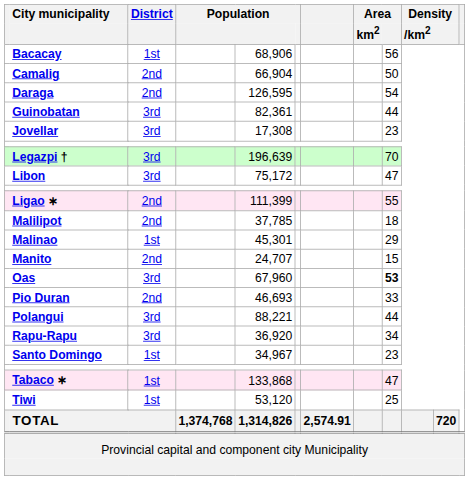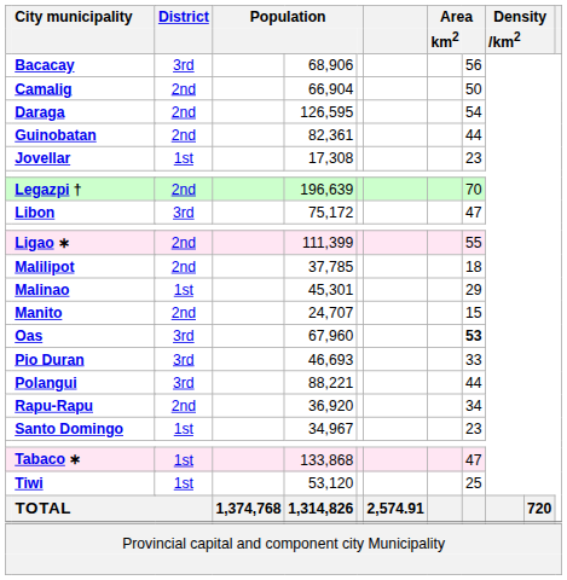 <table class="wikitable sortable" style="table-layout:fixed;text-align:right;background-color:white;font-size:95%;border-collapse:collapse;margin:auto;">
 <tr style="vertical-align:top;white-space:nowrap;">
 <th scope="col" style="border-width:thin 0 0 thin;" class="unsortable" rowspan="2"></th>
 <th scope="col" style="border-width:thin 0 0 0;text-align:left;padding-right:1.5em;" class="unsortable" colspan="2">City  municipality</th>
 <th scope="col" style="border-bottom:none;" class="unsortable"><a href='#'>District</a></th>
 <th scope="col" style="border-bottom:0;text-align:center;" class="unsortable" colspan="3">Population</th>
 <th scope="col" style="border-bottom:0;text-align:center;" class="unsortable"></th>
 <th scope="col" style="border-bottom:0;text-align:center;" class="unsortable" colspan="2">Area</th>
 <th scope="col" style="border-bottom:0;text-align:center;" class="unsortable" colspan="2">Density</th>
 <th scope="col" style="border-bottom:0;text-align:center;" class="unsortable"></th>
 </tr>
 <tr>
 <th style="border-width:0 thin thin 0;" colspan="2"></th>
 <th style="border-width:0 thin thin 0;" colspan="1"></th>
 <th style="border-width:0 0 thin thin;text-align:center;" colspan="2"></th>
 <th style="border-width:0 thin thin 0;text-align:center;"></th>
 <th style="border-top:0;"></th>
 <th style="border-width:0 0 thin thin;text-align:center;">km<sup>2</sup></th>
 <th style="border-width:0 thin thin 0;text-align:center;" class="unsortable"></th>
 <th style="border-width:0 0 thin thin;text-align:center;">/km<sup>2</sup></th>
 <th style="border-width:0 thin thin 0;text-align:center;" class="unsortable"></th>
 <th style="border-top:0;"></th>
 </tr>
 <tr>
 <th scope="row" style="border-right:0;background-color:initial;"></th>
 <td style="text-align:left;font-weight:bold;border-left:0;" colspan="2"><a href='#'>Bacacay</a>  </td>
-<td style="text-align:center;"><a href='#'>1st</a></td>
+<td style="text-align:center;"><a href='#'>3rd</a></td>
 <td></td>
 <td>68,906</td>
 <td></td>
 <td></td>
 <td></td>
 <td style="text-align:center;">56</td>
 </tr>
 <tr>
 <th scope="row" style="border-right:0;background-color:initial;"></th>
 <td style="text-align:left;font-weight:bold;border-left:0;" colspan="2"><a href='#'>Camalig</a></td>
 <td style="text-align:center;"><a href='#'>2nd</a></td>
 <td></td>
 <td>66,904</td>
 <td></td>
 <td></td>
 <td></td>
 <td style="text-align:center;">50</td>
 </tr>
 <tr>
 <th scope="row" style="border-right:0;background-color:initial;"></th>
 <td style="text-align:left;font-weight:bold;border-left:0;" colspan="2"><a href='#'>Daraga</a>  </td>
 <td style="text-align:center;"><a href='#'>2nd</a></td>
 <td></td>
 <td>126,595</td>
 <td></td>
 <td></td>
 <td></td>
 <td style="text-align:center;">54</td>
 </tr>
 <tr>
 <th scope="row" style="border-right:0;background-color:initial;"></th>
 <td style="text-align:left;font-weight:bold;border-left:0;" colspan="2"><a href='#'>Guinobatan</a>  </td>
-<td style="text-align:center;"><a href='#'>3rd</a></td>
+<td style="text-align:center;"><a href='#'>2nd</a></td>
 <td></td>
 <td>82,361</td>
 <td></td>
 <td></td>
 <td></td>
 <td style="text-align:center;">44</td>
 </tr>
 <tr>
 <th scope="row" style="border-right:0;background-color:initial;"></th>
 <td style="text-align:left;font-weight:bold;border-left:0;" colspan="2"><a href='#'>Jovellar</a> </td>
-<td style="text-align:center;"><a href='#'>3rd</a></td>
+<td style="text-align:center;"><a href='#'>1st</a></td>
 <td></td>
 <td>17,308</td>
 <td></td>
 <td></td>
 <td></td>
 <td style="text-align:center;">23</td>
 </tr>
 <tr>
 <th scope="row" style="border-width:thin 0 thin thin;background-color:initial;"></th>
 </tr>
 <tr style="background-color:#CCFFCC;">
 <th scope="row" style="text-align:left;background-color:#CCFFCC;border-right:0;"></th>
 <td style="text-align:left;font-weight:bold;border-left:0;" colspan="2"><a href='#'>Legazpi</a>  †</td>
-<td style="text-align:center;"><a href='#'>3rd</a></td>
+<td style="text-align:center;"><a href='#'>2nd</a></td>
 <td></td>
 <td>196,639</td>
 <td></td>
 <td></td>
 <td></td>
 <td style="text-align:center;">70</td>
 </tr>
 <tr>
 <th scope="row" style="border-right:0;background-color:initial;"></th>
 <td style="text-align:left;font-weight:bold;border-left:0;" colspan="2"><a href='#'>Libon</a> </td>
 <td style="text-align:center;"><a href='#'>3rd</a></td>
 <td></td>
 <td>75,172</td>
 <td></td>
 <td></td>
 <td></td>
 <td style="text-align:center;">47</td>
 </tr>
 <tr>
 <th scope="row" style="border-right:0;background-color:initial;"></th>
 </tr>
 <tr style="background:#ffe6f3;">
 <th scope="row" style="text-align:left; background:#ffe6f3; border-right:0;"></th>
 <td style="text-align:left;font-weight:bold;border-left:0;" colspan="2"><a href='#'>Ligao</a>  ∗</td>
 <td style="text-align:center;"><a href='#'>2nd</a></td>
 <td></td>
 <td>111,399</td>
 <td></td>
 <td></td>
 <td></td>
 <td style="text-align:center;">55</td>
 </tr>
 <tr>
 <th scope="row" style="border-right:0;background-color:initial;"></th>
 <td style="text-align:left;font-weight:bold;border-left:0;" colspan="2"><a href='#'>Malilipot</a> </td>
 <td style="text-align:center;"><a href='#'>2nd</a></td>
 <td></td>
 <td>37,785</td>
 <td></td>
 <td></td>
 <td></td>
 <td style="text-align:center;">18</td>
 </tr>
 <tr>
 <th scope="row" style="border-right:0;background-color:initial;"></th>
 <td style="text-align:left;font-weight:bold;border-left:0;" colspan="2"><a href='#'>Malinao</a> </td>
 <td style="text-align:center;"><a href='#'>1st</a></td>
 <td></td>
 <td>45,301</td>
 <td></td>
 <td></td>
 <td></td>
 <td style="text-align:center;">29</td>
 </tr>
 <tr>
 <th scope="row" style="border-right:0;background-color:initial;"></th>
 <td style="text-align:left;font-weight:bold;border-left:0;" colspan="2"><a href='#'>Manito</a> </td>
 <td style="text-align:center;"><a href='#'>2nd</a></td>
 <td></td>
 <td>24,707</td>
 <td></td>
 <td></td>
 <td></td>
 <td style="text-align:center;">15</td>
 </tr>
 <tr>
 <th scope="row" style="border-right:0;background-color:initial;"></th>
 <td style="text-align:left;font-weight:bold;border-left:0;" colspan="2"><a href='#'>Oas</a> </td>
 <td style="text-align:center;"><a href='#'>3rd</a></td>
 <td></td>
 <td>67,960</td>
 <td></td>
 <td></td>
 <td></td>
 <td style="text-align:center;"><strong>53</strong></td>
 </tr>
 <tr>
 <th scope="row" style="border-right:0;background-color:initial;"></th>
 <td style="text-align:left;font-weight:bold;border-left:0;" colspan="2"><a href='#'>Pio Duran</a> </td>
-<td style="text-align:center;"><a href='#'>2nd</a></td>
+<td style="text-align:center;"><a href='#'>3rd</a></td>
 <td></td>
 <td>46,693</td>
 <td></td>
 <td></td>
 <td></td>
 <td style="text-align:center;">33</td>
 </tr>
 <tr>
 <th scope="row" style="border-right:0;background-color:initial;"></th>
 <td style="text-align:left;font-weight:bold;border-left:0;" colspan="2"><a href='#'>Polangui</a> </td>
 <td style="text-align:center;"><a href='#'>3rd</a></td>
 <td></td>
 <td>88,221</td>
 <td></td>
 <td></td>
 <td></td>
 <td style="text-align:center;">44</td>
 </tr>
 <tr>
 <th scope="row" style="border-right:0;background-color:initial;"></th>
 <td style="text-align:left;font-weight:bold;border-left:0;" colspan="2"><a href='#'>Rapu-Rapu</a> </td>
-<td style="text-align:center;"><a href='#'>3rd</a></td>
+<td style="text-align:center;"><a href='#'>2nd</a></td>
 <td></td>
 <td>36,920</td>
 <td></td>
 <td></td>
 <td></td>
 <td style="text-align:center;">34</td>
 </tr>
 <tr>
 <th scope="row" style="border-right:0;background-color:initial;"></th>
 <td style="text-align:left;font-weight:bold;border-left:0;" colspan="2"><a href='#'>Santo Domingo</a> </td>
 <td style="text-align:center;"><a href='#'>1st</a></td>
 <td></td>
 <td>34,967</td>
 <td></td>
 <td></td>
 <td></td>
 <td style="text-align:center;">23</td>
 </tr>
 <tr>
 <th scope="row" style="border-right:0;background-color:initial;"></th>
 </tr>
 <tr style="background:#ffe6f3;">
 <th scope="row" style="text-align:left; background:#ffe6f3; border-right:0;"></th>
 <td style="text-align:left;font-weight:bold;border-left:0;" colspan="2"><a href='#'>Tabaco</a>  ∗</td>
 <td style="text-align:center;"><a href='#'>1st</a></td>
 <td></td>
 <td>133,868</td>
 <td></td>
 <td></td>
 <td></td>
 <td style="text-align:center;">47</td>
 </tr>
 <tr>
 <th scope="row" style="border-right:0;background-color:initial;"></th>
 <td style="text-align:left;font-weight:bold;border-left:0;" colspan="2"><a href='#'>Tiwi</a> </td>
 <td style="text-align:center;"><a href='#'>1st</a></td>
 <td></td>
 <td>53,120</td>
 <td></td>
 <td></td>
 <td></td>
 <td style="text-align:center;">25</td>
 </tr>
 <tr class="sortbottom">
 <th scope="row" style="border-right:0;"></th>
 <th colspan="3" style="border-left:0;text-align:left;font-size:110%;letter-spacing:0.05em;">TOTAL</th>
 <th style="text-align:right;">1,374,768</th>
 <th style="text-align:right;">1,314,826</th>
 <th style="text-align:right;"></th>
 <th style="text-align:right;">2,574.91</th>
 <th style="text-align:right;"></th>
 <th style="text-align:right;"></th>
 <th style="text-align:right;"></th>
 <th style="text-align:center;">720</th>
 </tr>
 <tr class="sortbottom" style="background-color:#F2F2F2;line-height:1.3em;border-top:double grey;white-space:nowrap;">
 <td colspan="13" style="border-width:thin 0 0 0;text-align:center;padding:0.7em 0 0 0;">Provincial capital and component city  Municipality  </td>
 </tr>
 <tr class="sortbottom" style="background-color:#F2F2F2;line-height:1.3em;font-size:110%;">
 <td colspan="13" style="border-top:0;text-align:left;padding:0 12em;"><br></td>
 </tr>
 </table>
